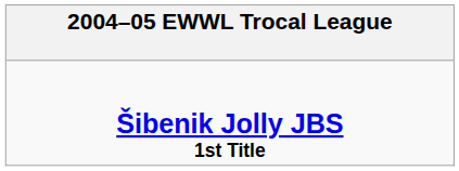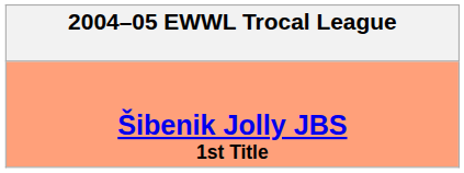 <table class="wikitable" style="margin: 0 auto; width: 30%;">
 <tr>
 <th><big>2004–05 EWWL Trocal League</big><br><br></th>
 </tr>
 <tr>
-<td align=center><br><br><big><big><strong><a href='#'>Šibenik Jolly JBS</a></strong><br></big></big><strong>1st Title</strong></td>
+<td align=center style="background: lightsalmon;"><br><br><big><big><strong><a href='#'>Šibenik Jolly JBS</a></strong><br></big></big><strong>1st Title</strong></td>
 </tr>
 </table>
